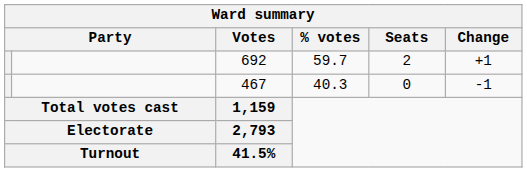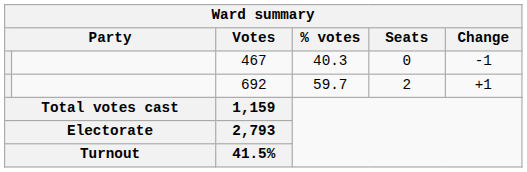 <table class="wikitable" style="font-size: 95%;">
 <tr style="background-color:#E9E9E9">
 <th colspan="6">Ward summary</th>
 </tr>
 <tr style="background-color:#E9E9E9">
 <th colspan="2">Party</th>
 <th style="width: 60px">Votes</th>
 <th style="width: 60px">% votes</th>
 <th style="width: 60px">Seats</th>
 <th style="width: 60px">Change</th>
 </tr>
 <tr>
 <th style="background-color: "></th>
 <td style="width: 170px"><a href='#'></a></td>
+<td align="center">467</td>
+<td align="center">40.3</td>
+<td align="center">0</td>
+<td align="center">-1</td>
+</tr>
+<tr>
+<th style="background-color: "></th>
+<td style="width: 170px"><a href='#'></a></td>
 <td align="center">692</td>
 <td align="center">59.7</td>
 <td align="center">2</td>
 <td align="center">+1</td>
-</tr>
-<tr>
-<th style="background-color: "></th>
-<td style="width: 170px"><a href='#'></a></td>
-<td align="center">467</td>
-<td align="center">40.3</td>
-<td align="center">0</td>
-<td align="center">-1</td>
 </tr>
 <tr style="background-color:#E9E9E9">
 <th colspan="2">Total votes cast</th>
 <th style="width: 60px">1,159</th>
 </tr>
 <tr style="background-color:#E9E9E9">
 <th colspan="2">Electorate</th>
 <th style="width: 60px">2,793</th>
 </tr>
 <tr style="background-color:#E9E9E9">
 <th colspan="2">Turnout</th>
 <th style="width: 60px">41.5%</th>
 </tr>
 </table>
